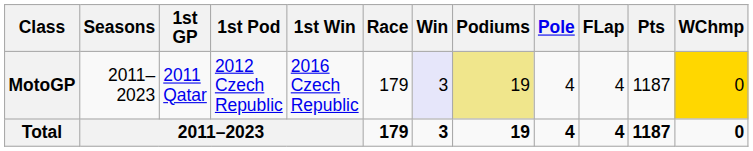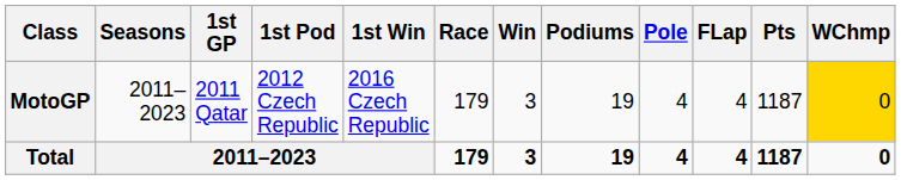 <table class="wikitable">
 <tr>
 <th>Class</th>
 <th>Seasons</th>
 <th>1st GP</th>
 <th>1st Pod</th>
 <th>1st Win</th>
 <th>Race</th>
 <th>Win</th>
 <th>Podiums</th>
 <th><a href='#'>Pole</a></th>
 <th>FLap</th>
 <th>Pts</th>
 <th>WChmp</th>
 </tr>
 <tr style="text-align:right;">
 <th>MotoGP</th>
 <td>2011–2023</td>
 <td align="left"><a href='#'>2011 Qatar</a></td>
 <td align="left"><a href='#'>2012 Czech Republic</a></td>
 <td align="left"><a href='#'>2016 Czech Republic</a></td>
 <td>179</td>
-<td style="background: lavender;">3</td>
-<td style="background: khaki;">19</td>
+<td>3</td>
+<td>19</td>
 <td>4</td>
 <td>4</td>
 <td>1187</td>
 <td style="background: gold;">0</td>
 </tr>
 <tr style="text-align:right;">
 <th>Total</th>
 <th colspan="4">2011–2023</th>
 <td><strong>179</strong></td>
 <td><strong>3</strong></td>
 <td><strong>19</strong></td>
 <td><strong>4</strong></td>
 <td><strong>4</strong></td>
 <td><strong>1187</strong></td>
 <td><strong>0</strong></td>
 </tr>
 </table>
